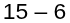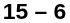 <table style="text-align:center">
 <tr>
 <th width=200></th>
 <th width=100></th>
 <th width=200></th>
 </tr>
 <tr>
 <td align=right><strong></strong></td>
-<td>15 – 6</td>
+<td><strong>15 – 6</strong></td>
 <td align=left></td>
 </tr>
 </table>
